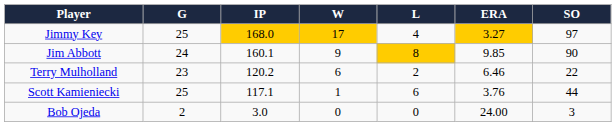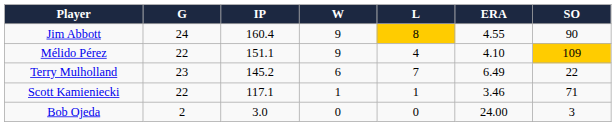 <table class="wikitable sortable">
 <tr>
 <th style="background:#1c2841;color:white;" width="16%">Player</th>
 <th style="background:#1c2841;color:white;" width="9%">G</th>
 <th style="background:#1c2841;color:white;" width="9%">IP</th>
 <th style="background:#1c2841;color:white;" width="9%">W</th>
 <th style="background:#1c2841;color:white;" width="9%">L</th>
 <th style="background:#1c2841;color:white;" width="9%">ERA</th>
 <th style="background:#1c2841;color:white;" width="9%">SO</th>
 </tr>
-<tr align="center">
-<td><a href='#'>Jimmy Key</a></td>
-<td>25</td>
-<td bgcolor="#FFCC00">168.0</td>
-<td bgcolor="#FFCC00">17</td>
-<td>4</td>
-<td bgcolor="#FFCC00">3.27</td>
-<td>97</td>
-</tr>
 <tr align=center>
 <td><a href='#'>Jim Abbott</a></td>
 <td>24</td>
-<td>160.1</td>
+<td>160.4</td>
 <td>9</td>
 <td bgcolor="FFCC00">8</td>
-<td>9.85</td>
+<td>4.55</td>
 <td>90</td>
+</tr>
+<tr align=center>
+<td><a href='#'>Mélido Pérez</a></td>
+<td>22</td>
+<td>151.1</td>
+<td>9</td>
+<td>4</td>
+<td>4.10</td>
+<td bgcolor="#FFCC00">109</td>
 </tr>
 <tr align=center>
 <td><a href='#'>Terry Mulholland</a></td>
 <td>23</td>
-<td>120.2</td>
+<td>145.2</td>
 <td>6</td>
-<td>2</td>
-<td>6.46</td>
+<td>7</td>
+<td>6.49</td>
 <td>22</td>
 </tr>
 <tr align=center>
 <td><a href='#'>Scott Kamieniecki</a></td>
-<td>25</td>
+<td>22</td>
 <td>117.1</td>
 <td>1</td>
-<td>6</td>
-<td>3.76</td>
-<td>44</td>
+<td>1</td>
+<td>3.46</td>
+<td>71</td>
 </tr>
 <tr align=center>
 <td><a href='#'>Bob Ojeda</a></td>
 <td>2</td>
 <td>3.0</td>
 <td>0</td>
 <td>0</td>
 <td>24.00</td>
 <td>3</td>
 </tr>
 </table>
